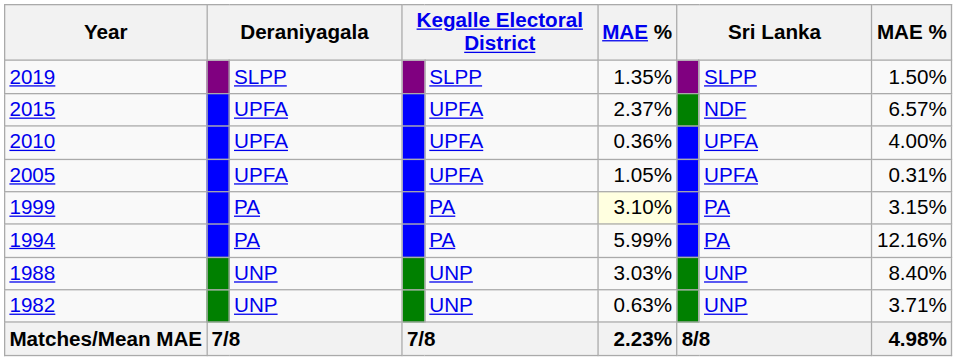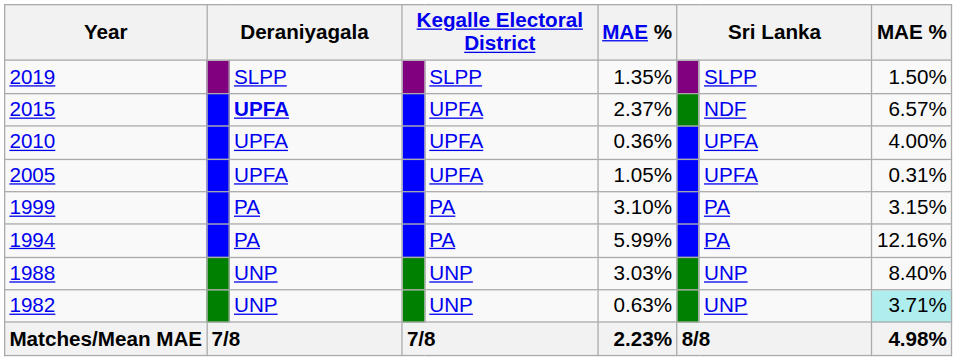 <table class="wikitable">
 <tr>
 <th>Year</th>
 <th colspan="2" width="144px">Deraniyagala</th>
 <th colspan="2" width="144px"><a href='#'>Kegalle Electoral District</a></th>
 <th><a href='#'>MAE</a> %</th>
 <th colspan="2" width="144px">Sri Lanka</th>
 <th>MAE %</th>
 </tr>
 <tr>
 <td><a href='#'>2019</a></td>
 <td style="background-color:purple;" width="10px"></td>
 <td style="text-align:left;"><a href='#'>SLPP</a></td>
 <td style="background-color:purple;" width="10px"></td>
 <td style="text-align:left;"><a href='#'>SLPP</a></td>
 <td style="text-align:right;">1.35%</td>
 <td style="background-color:purple;" width="10px"></td>
 <td style="text-align:left;"><a href='#'>SLPP</a></td>
 <td style="text-align:right;">1.50%</td>
 </tr>
 <tr>
 <td><a href='#'>2015</a></td>
 <td style="background-color:blue;" width="10px"></td>
-<td style="text-align:left;"><a href='#'>UPFA</a></td>
+<td style="text-align:left;"><strong><a href='#'>UPFA</a></strong></td>
 <td style="background-color:blue;" width="10px"></td>
 <td style="text-align:left;"><a href='#'>UPFA</a></td>
 <td style="text-align:right;">2.37%</td>
 <td style="background-color:green;" width="10px"></td>
 <td style="text-align:left;"><a href='#'>NDF</a></td>
 <td style="text-align:right;">6.57%</td>
 </tr>
 <tr>
 <td><a href='#'>2010</a></td>
 <td style="background-color:blue;" width="10px"></td>
 <td style="text-align:left;"><a href='#'>UPFA</a></td>
 <td style="background-color:blue;" width="10px"></td>
 <td style="text-align:left;"><a href='#'>UPFA</a></td>
 <td style="text-align:right;">0.36%</td>
 <td style="background-color:blue;" width="10px"></td>
 <td style="text-align:left;"><a href='#'>UPFA</a></td>
 <td style="text-align:right;">4.00%</td>
 </tr>
 <tr>
 <td><a href='#'>2005</a></td>
 <td style="background-color:blue;" width="10px"></td>
 <td style="text-align:left;"><a href='#'>UPFA</a></td>
 <td style="background-color:blue;" width="10px"></td>
 <td style="text-align:left;"><a href='#'>UPFA</a></td>
 <td style="text-align:right;">1.05%</td>
 <td style="background-color:blue;" width="10px"></td>
 <td style="text-align:left;"><a href='#'>UPFA</a></td>
 <td style="text-align:right;">0.31%</td>
 </tr>
 <tr>
 <td><a href='#'>1999</a></td>
 <td style="background-color:blue;" width="10px"></td>
 <td style="text-align:left;"><a href='#'>PA</a></td>
 <td style="background-color:blue;" width="10px"></td>
 <td style="text-align:left;"><a href='#'>PA</a></td>
-<td style="background: lightyellow; text-align:right;">3.10%</td>
+<td style="text-align:right;">3.10%</td>
 <td style="background-color:blue;" width="10px"></td>
 <td style="text-align:left;"><a href='#'>PA</a></td>
 <td style="text-align:right;">3.15%</td>
 </tr>
 <tr>
 <td><a href='#'>1994</a></td>
 <td style="background-color:blue;" width="10px"></td>
 <td style="text-align:left;"><a href='#'>PA</a></td>
 <td style="background-color:blue;" width="10px"></td>
 <td style="text-align:left;"><a href='#'>PA</a></td>
 <td style="text-align:right;">5.99%</td>
 <td style="background-color:blue;" width="10px"></td>
 <td style="text-align:left;"><a href='#'>PA</a></td>
 <td style="text-align:right;">12.16%</td>
 </tr>
 <tr>
 <td><a href='#'>1988</a></td>
 <td style="background-color:green;" width="10px"></td>
 <td style="text-align:left;"><a href='#'>UNP</a></td>
 <td style="background-color:green;" width="10px"></td>
 <td style="text-align:left;"><a href='#'>UNP</a></td>
 <td style="text-align:right;">3.03%</td>
 <td style="background-color:green;" width="10px"></td>
 <td style="text-align:left;"><a href='#'>UNP</a></td>
 <td style="text-align:right;">8.40%</td>
 </tr>
 <tr>
 <td><a href='#'>1982</a></td>
 <td style="background-color:green;" width="10px"></td>
 <td style="text-align:left;"><a href='#'>UNP</a></td>
 <td style="background-color:green;" width="10px"></td>
 <td style="text-align:left;"><a href='#'>UNP</a></td>
 <td style="text-align:right;">0.63%</td>
 <td style="background-color:green;" width="10px"></td>
 <td style="text-align:left;"><a href='#'>UNP</a></td>
-<td style="text-align:right;">3.71%</td>
+<td style="background: paleturquoise; text-align:right;">3.71%</td>
 </tr>
 <tr>
 <th>Matches/Mean MAE</th>
 <th style="text-align:left;"colspan="2" width="144px">7/8</th>
 <th style="text-align:left;"colspan="2" width="144px">7/8</th>
 <th style="text-align:right;">2.23%</th>
 <th style="text-align:left;"colspan="2" width="144px">8/8</th>
 <th style="text-align:right;">4.98%</th>
 </tr>
 </table>
